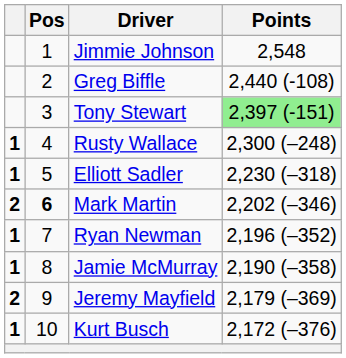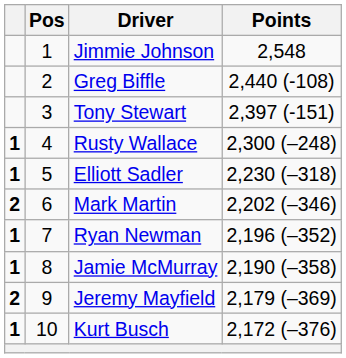 <table class="wikitable" style="font-size: 95%;">
 <tr>
 <th></th>
 <th>Pos</th>
 <th>Driver</th>
 <th>Points</th>
 </tr>
 <tr>
 <td align="left"></td>
 <td style="text-align:center;">1</td>
 <td><a href='#'>Jimmie Johnson</a></td>
 <td style="text-align:center;">2,548</td>
 </tr>
 <tr>
 <td align="left"></td>
 <td style="text-align:center;">2</td>
 <td><a href='#'>Greg Biffle</a></td>
 <td style="text-align:center;">2,440 (-108)</td>
 </tr>
 <tr>
 <td align="left"></td>
 <td style="text-align:center;">3</td>
 <td><a href='#'>Tony Stewart</a></td>
-<td style="background: lightgreen; text-align:center;">2,397 (-151)</td>
+<td style="text-align:center;">2,397 (-151)</td>
 </tr>
 <tr>
 <td align="left"> <strong>1</strong></td>
 <td style="text-align:center;">4</td>
 <td><a href='#'>Rusty Wallace</a></td>
 <td style="text-align:center;">2,300 (–248)</td>
 </tr>
 <tr>
 <td align="left"> <strong>1</strong></td>
 <td style="text-align:center;">5</td>
 <td><a href='#'>Elliott Sadler</a></td>
 <td style="text-align:center;">2,230 (–318)</td>
 </tr>
 <tr>
 <td align="left"> <strong>2</strong></td>
-<td style="text-align:center;"><strong>6</strong></td>
+<td style="text-align:center;">6</td>
 <td><a href='#'>Mark Martin</a></td>
 <td style="text-align:center;">2,202 (–346)</td>
 </tr>
 <tr>
 <td align="left"> <strong>1</strong></td>
 <td style="text-align:center;">7</td>
 <td><a href='#'>Ryan Newman</a></td>
 <td style="text-align:center;">2,196 (–352)</td>
 </tr>
 <tr>
 <td align="left"> <strong>1</strong></td>
 <td style="text-align:center;">8</td>
 <td><a href='#'>Jamie McMurray</a></td>
 <td style="text-align:center;">2,190 (–358)</td>
 </tr>
 <tr>
 <td align="left"> <strong>2</strong></td>
 <td style="text-align:center;">9</td>
 <td><a href='#'>Jeremy Mayfield</a></td>
 <td style="text-align:center;">2,179 (–369)</td>
 </tr>
 <tr>
 <td align="left"> <strong>1</strong></td>
 <td style="text-align:center;">10</td>
 <td><a href='#'>Kurt Busch</a></td>
 <td style="text-align:center;">2,172 (–376)</td>
 </tr>
 <tr class="sortbottom">
 <th colspan="9"></th>
 </tr>
 </table>
